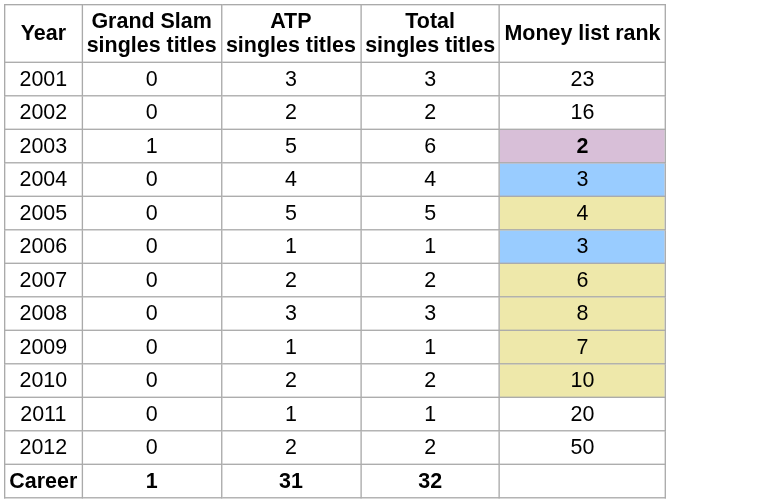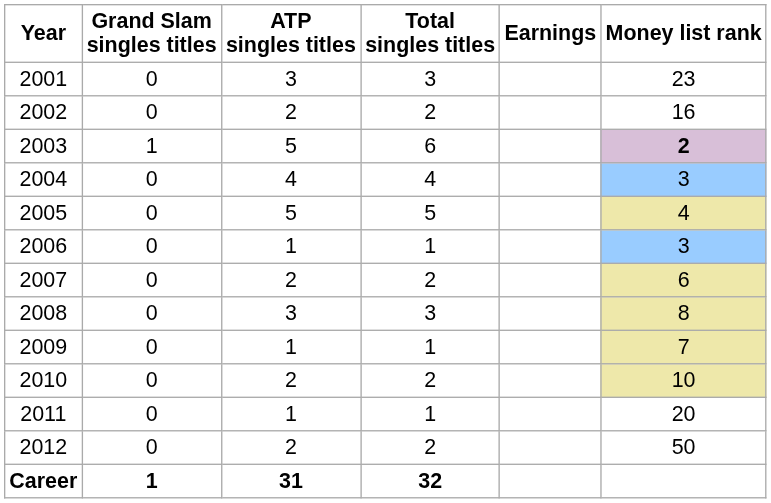 <table cellpadding=3 cellspacing=0 border=1 style=font-align:centre;border:#aaa;solid:1;border-collapse:collapse;text-align:center>
 <tr>
 <th>Year</th>
 <th>Grand Slam<br>singles titles</th>
 <th>ATP <br>singles titles</th>
 <th>Total<br>singles titles</th>
+<th>Earnings</th>
 <th>Money list rank</th>
 </tr>
 <tr>
 <td>2001</td>
 <td>0</td>
 <td>3</td>
 <td>3</td>
+<td align=right></td>
 <td>23</td>
 </tr>
 <tr>
 <td>2002</td>
 <td>0</td>
 <td>2</td>
 <td>2</td>
+<td align=right></td>
 <td>16</td>
 </tr>
 <tr>
 <td>2003</td>
 <td>1</td>
 <td>5</td>
 <td>6</td>
+<td align=right></td>
 <td bgcolor=#D8BFD8><strong>2</strong></td>
 </tr>
 <tr>
 <td>2004</td>
 <td>0</td>
 <td>4</td>
 <td>4</td>
+<td align=right></td>
 <td bgcolor=99ccff>3</td>
 </tr>
 <tr>
 <td>2005</td>
 <td>0</td>
 <td>5</td>
 <td>5</td>
+<td align=right></td>
 <td bgcolor=#EEE8AA>4</td>
 </tr>
 <tr>
 <td>2006</td>
 <td>0</td>
 <td>1</td>
 <td>1</td>
+<td align=right></td>
 <td bgcolor=99ccff>3</td>
 </tr>
 <tr>
 <td>2007</td>
 <td>0</td>
 <td>2</td>
 <td>2</td>
+<td align=right></td>
 <td bgcolor=#EEE8AA>6</td>
 </tr>
 <tr>
 <td>2008</td>
 <td>0</td>
 <td>3</td>
 <td>3</td>
+<td align=right></td>
 <td bgcolor=#EEE8AA>8</td>
 </tr>
 <tr>
 <td>2009</td>
 <td>0</td>
 <td>1</td>
 <td>1</td>
+<td align=right></td>
 <td bgcolor=#EEE8AA>7</td>
 </tr>
 <tr>
 <td>2010</td>
 <td>0</td>
 <td>2</td>
 <td>2</td>
+<td align=right></td>
 <td bgcolor=#EEE8AA>10</td>
 </tr>
 <tr>
 <td>2011</td>
 <td>0</td>
 <td>1</td>
 <td>1</td>
+<td align=right></td>
 <td>20</td>
 </tr>
 <tr>
 <td>2012</td>
 <td>0</td>
 <td>2</td>
 <td>2</td>
+<td align=right></td>
 <td>50</td>
 </tr>
 <tr>
 <th>Career</th>
 <th>1</th>
 <th>31</th>
 <th>32</th>
+<th align=right></th>
 <th></th>
 </tr>
 </table>
